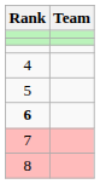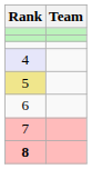 <table class="wikitable">
 <tr>
 <th>Rank</th>
 <th>Team</th>
 </tr>
 <tr bgcolor=bbf3bb>
 <td align=center></td>
 <td></td>
 </tr>
 <tr bgcolor=bbf3bb>
 <td align=center></td>
 <td></td>
 </tr>
 <tr>
 <td align=center></td>
 <td></td>
 </tr>
 <tr>
-<td align=center>4</td>
+<td align=center style="background: lavender;">4</td>
 <td></td>
 </tr>
 <tr>
-<td align=center>5</td>
+<td align=center style="background: khaki;">5</td>
 <td></td>
 </tr>
 <tr>
-<td align=center><strong>6</strong></td>
+<td align=center>6</td>
 <td></td>
 </tr>
 <tr bgcolor=ffbbbb>
 <td align=center>7</td>
 <td></td>
 </tr>
 <tr bgcolor=ffbbbb>
-<td align=center>8</td>
+<td align=center><strong>8</strong></td>
 <td></td>
 </tr>
 </table>
